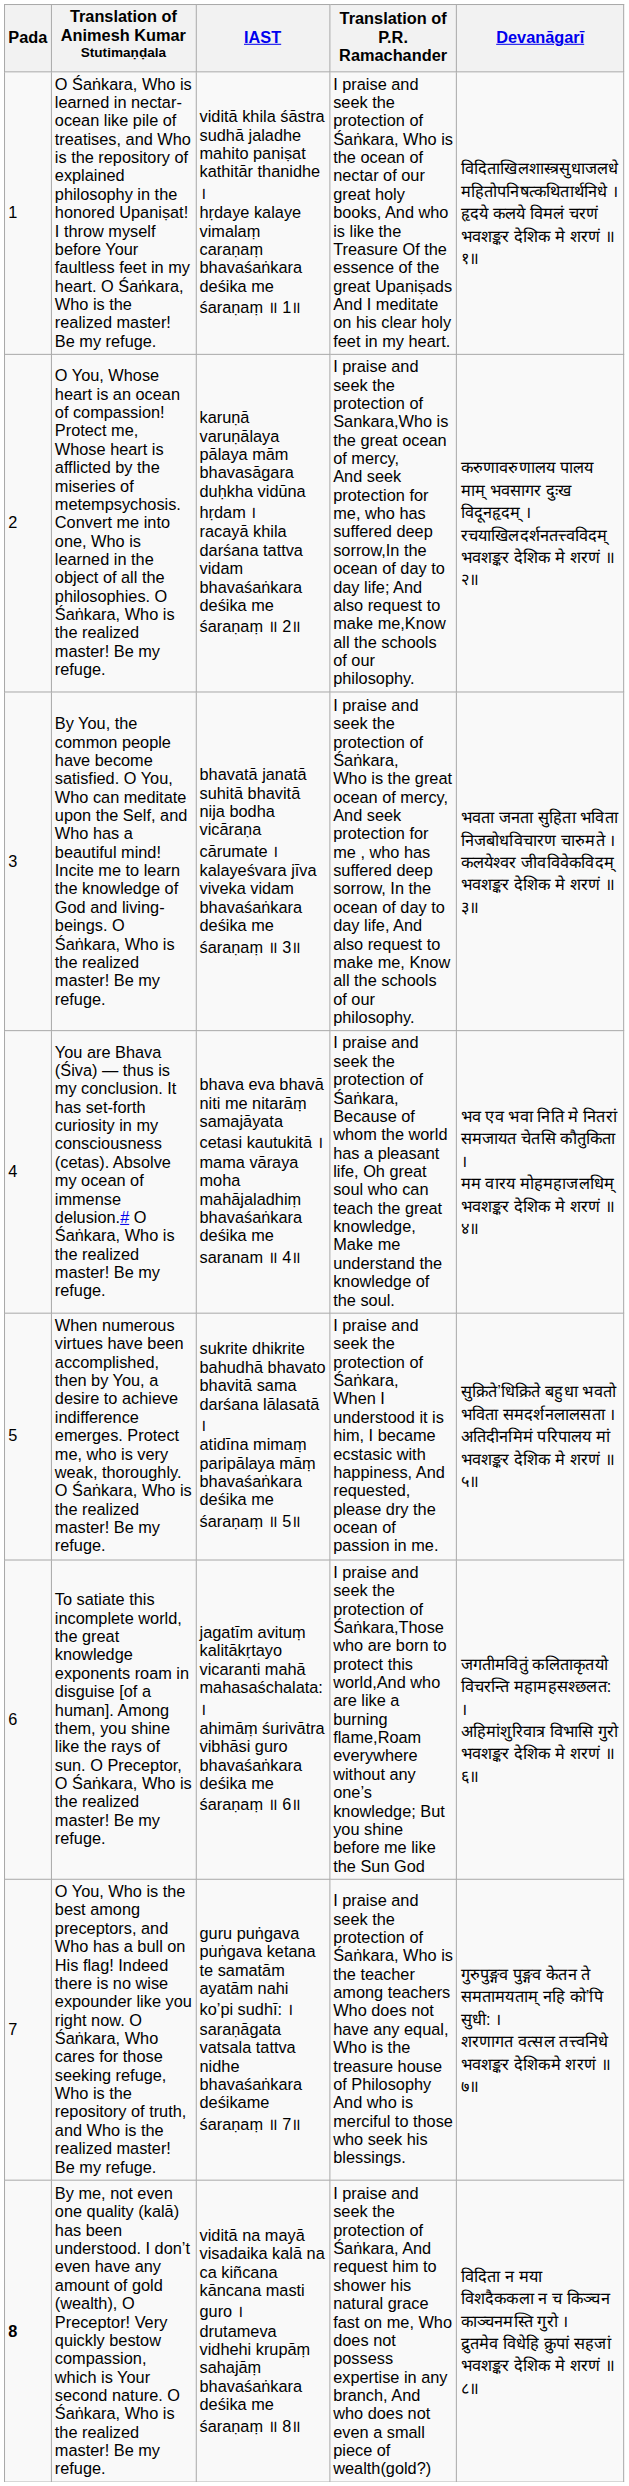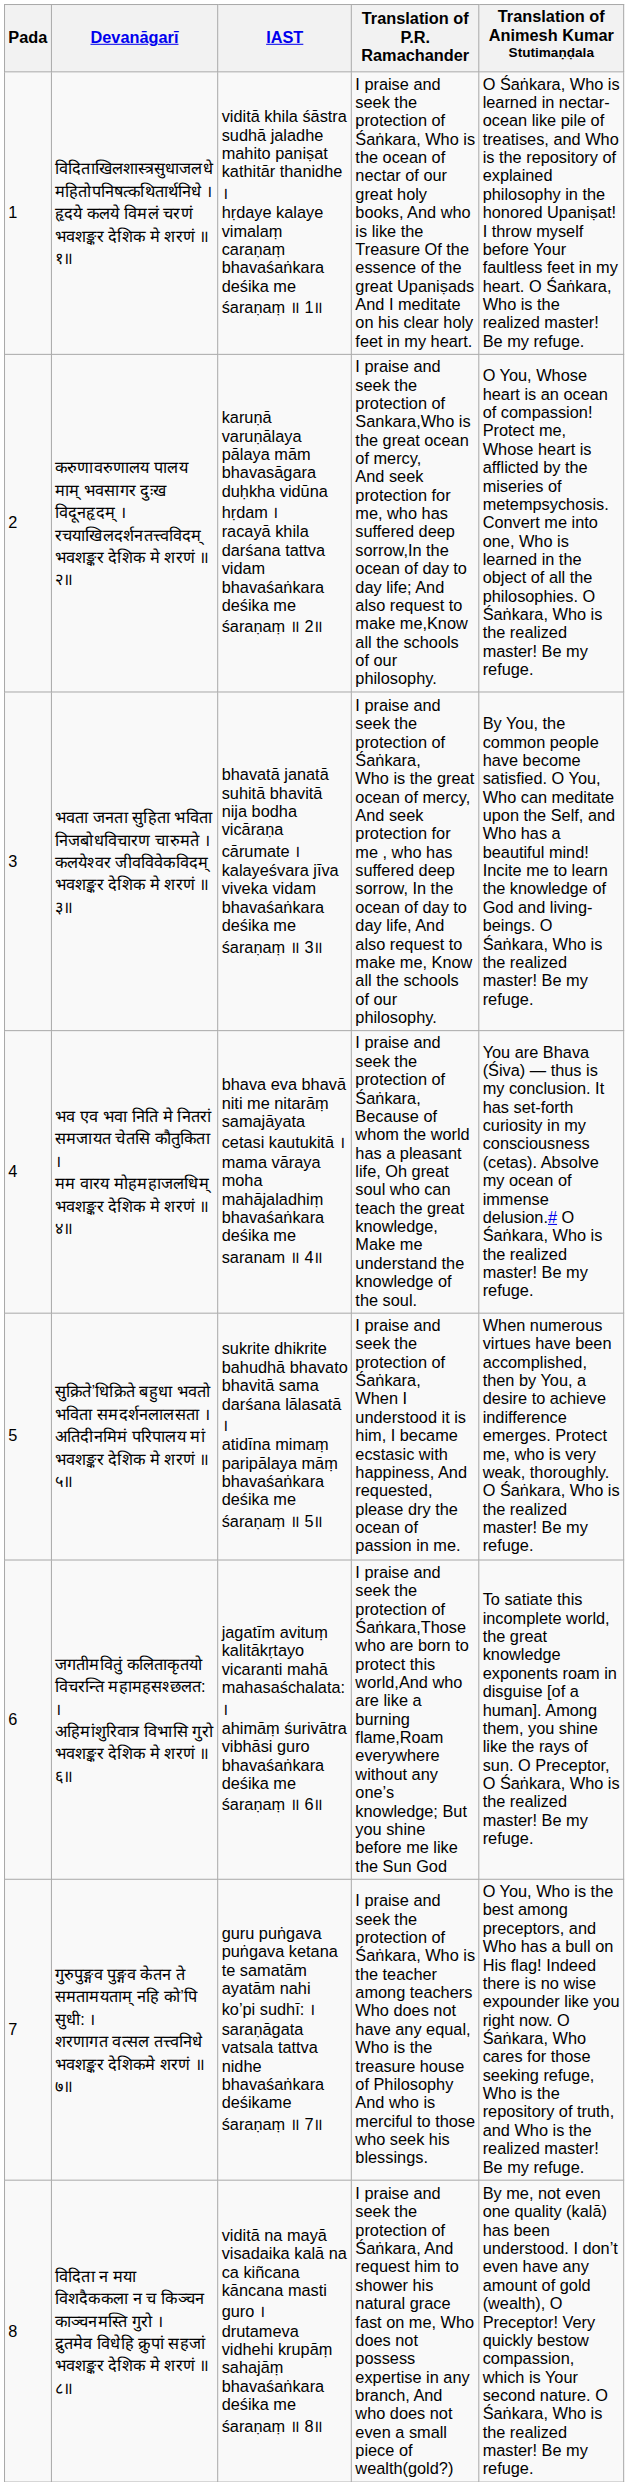 <table class="wikitable">
 <tr>
 <th>Pada</th>
-<th>Translation of Animesh Kumar <sup> Stutimaṇḍala</sup></th>
+<th><a href='#'>Devanāgarī</a></th>
 <th><a href='#'>IAST</a></th>
 <th>Translation of P.R. Ramachander</th>
-<th><a href='#'>Devanāgarī</a></th>
+<th>Translation of Animesh Kumar <sup> Stutimaṇḍala</sup></th>
 </tr>
 <tr>
 <td>1</td>
-<td>O Śaṅkara, Who is learned in nectar-ocean like pile of treatises, and Who is the repository of explained philosophy in the honored Upaniṣat! I throw myself before Your faultless feet in my heart. O Śaṅkara, Who is the realized master! Be my refuge.</td>
+<td>विदिताखिलशास्त्रसुधाजलधे महितोपनिषत्कथितार्थनिधे ।<br>हृदये कलये विमलं चरणं भवशङ्कर देशिक मे शरणं ॥ १॥</td>
 <td>viditā khila śāstra sudhā jaladhe mahito paniṣat kathitār thanidhe ।<br>hṛdaye kalaye vimalaṃ caraṇaṃ bhavaśaṅkara deśika me śaraṇaṃ ॥ 1॥</td>
 <td>I praise and seek the protection of Śaṅkara, Who is the ocean of nectar of our great holy books, And who is like the Treasure Of the essence of the great Upaniṣads<br>And I meditate on his clear holy feet in my heart.</td>
-<td>विदिताखिलशास्त्रसुधाजलधे महितोपनिषत्कथितार्थनिधे ।<br>हृदये कलये विमलं चरणं भवशङ्कर देशिक मे शरणं ॥ १॥</td>
+<td>O Śaṅkara, Who is learned in nectar-ocean like pile of treatises, and Who is the repository of explained philosophy in the honored Upaniṣat! I throw myself before Your faultless feet in my heart. O Śaṅkara, Who is the realized master! Be my refuge.</td>
 </tr>
 <tr>
 <td>2</td>
-<td>O You, Whose heart is an ocean of compassion! Protect me, Whose heart is afflicted by the miseries of metempsychosis. Convert me into one, Who is learned in the object of all the philosophies. O Śaṅkara, Who is the realized master! Be my refuge.</td>
+<td>करुणावरुणालय पालय माम् भवसागर दुःख विदूनहृदम् ।<br>रचयाखिलदर्शनतत्त्वविदम् भवशङ्कर देशिक मे शरणं ॥ २॥</td>
 <td>karuṇā varuṇālaya pālaya mām bhavasāgara duḥkha vidūna hṛdam ।<br>racayā khila darśana tattva vidam bhavaśaṅkara deśika me śaraṇaṃ ॥ 2॥</td>
 <td>I praise and seek the protection of Sankara,Who is the great ocean of mercy,<br>And seek protection for me, who has suffered deep sorrow,In the ocean of day to day life; And also request to make me,Know all the schools of our philosophy.</td>
-<td>करुणावरुणालय पालय माम् भवसागर दुःख विदूनहृदम् ।<br>रचयाखिलदर्शनतत्त्वविदम् भवशङ्कर देशिक मे शरणं ॥ २॥</td>
+<td>O You, Whose heart is an ocean of compassion! Protect me, Whose heart is afflicted by the miseries of metempsychosis. Convert me into one, Who is learned in the object of all the philosophies. O Śaṅkara, Who is the realized master! Be my refuge.</td>
 </tr>
 <tr>
 <td>3</td>
-<td>By You, the common people have become satisfied. O You, Who can meditate upon the Self, and Who has a beautiful mind! Incite me to learn the knowledge of God and living-beings. O Śaṅkara, Who is the realized master! Be my refuge.</td>
+<td>भवता जनता सुहिता भविता निजबोधविचारण चारुमते ।<br>कलयेश्वर जीवविवेकविदम् भवशङ्कर देशिक मे शरणं ॥ ३॥</td>
 <td>bhavatā janatā suhitā bhavitā nija bodha vicāraṇa cārumate ।<br>kalayeśvara jīva viveka vidam bhavaśaṅkara deśika me śaraṇaṃ ॥ 3॥</td>
 <td>I praise and seek the protection of Śaṅkara,<br>Who is the great ocean of mercy, And seek protection for me , who has suffered deep sorrow, In the ocean of day to day life, And also request to make me, Know all the schools of our philosophy.</td>
-<td>भवता जनता सुहिता भविता निजबोधविचारण चारुमते ।<br>कलयेश्वर जीवविवेकविदम् भवशङ्कर देशिक मे शरणं ॥ ३॥</td>
+<td>By You, the common people have become satisfied. O You, Who can meditate upon the Self, and Who has a beautiful mind! Incite me to learn the knowledge of God and living-beings. O Śaṅkara, Who is the realized master! Be my refuge.</td>
 </tr>
 <tr>
 <td>4</td>
-<td>You are Bhava (Śiva) — thus is my conclusion. It has set-forth curiosity in my consciousness (cetas). Absolve my ocean of immense delusion.<a href='#'>#</a> O Śaṅkara, Who is the realized master! Be my refuge.</td>
+<td>भव एव भवा निति मे नितरां समजायत चेतसि कौतुकिता ।<br>मम वारय मोहमहाजलधिम् भवशङ्कर देशिक मे शरणं ॥ ४॥</td>
 <td>bhava eva bhavā niti me nitarāṃ samajāyata cetasi kautukitā ।<br>mama vāraya moha mahājaladhiṃ bhavaśaṅkara deśika me saranam ॥ 4॥</td>
 <td>I praise and seek the protection of Śaṅkara,<br>Because of whom the world has a pleasant life, Oh great soul who can teach the great knowledge, Make me understand the knowledge of the soul.</td>
-<td>भव एव भवा निति मे नितरां समजायत चेतसि कौतुकिता ।<br>मम वारय मोहमहाजलधिम् भवशङ्कर देशिक मे शरणं ॥ ४॥</td>
+<td>You are Bhava (Śiva) — thus is my conclusion. It has set-forth curiosity in my consciousness (cetas). Absolve my ocean of immense delusion.<a href='#'>#</a> O Śaṅkara, Who is the realized master! Be my refuge.</td>
 </tr>
 <tr>
 <td>5</td>
-<td>When numerous virtues have been accomplished, then by You, a desire to achieve indifference emerges. Protect me, who is very weak, thoroughly. O Śaṅkara, Who is the realized master! Be my refuge.</td>
+<td>सुक्रिते’धिक्रिते बहुधा भवतो भविता समदर्शनलालसता ।<br>अतिदीनमिमं परिपालय मां भवशङ्कर देशिक मे शरणं ॥ ५॥</td>
 <td>sukrite dhikrite bahudhā bhavato bhavitā sama darśana lālasatā ।<br>atidīna mimaṃ paripālaya māṃ bhavaśaṅkara deśika me śaraṇaṃ ॥ 5॥</td>
 <td>I praise and seek the protection of Śaṅkara,<br>When I understood it is him, I became ecstasic with happiness, And requested, please dry the ocean of passion in me.</td>
-<td>सुक्रिते’धिक्रिते बहुधा भवतो भविता समदर्शनलालसता ।<br>अतिदीनमिमं परिपालय मां भवशङ्कर देशिक मे शरणं ॥ ५॥</td>
+<td>When numerous virtues have been accomplished, then by You, a desire to achieve indifference emerges. Protect me, who is very weak, thoroughly. O Śaṅkara, Who is the realized master! Be my refuge.</td>
 </tr>
 <tr>
 <td>6</td>
-<td>To satiate this incomplete world, the great knowledge exponents roam in disguise [of a human]. Among them, you shine like the rays of sun. O Preceptor, O Śaṅkara, Who is the realized master! Be my refuge.</td>
+<td>जगतीमवितुं कलिताकृतयो विचरन्ति महामहसश्छलत: ।<br>अहिमांशुरिवात्र विभासि गुरो भवशङ्कर देशिक मे शरणं ॥ ६॥</td>
 <td>jagatīm avituṃ kalitākṛtayo vicaranti mahā mahasaśchalata: ।<br>ahimāṃ śurivātra vibhāsi guro bhavaśaṅkara deśika me śaraṇaṃ ॥ 6॥</td>
 <td>I praise and seek the protection of Śaṅkara,Those who are born to protect this world,And who are like a burning flame,Roam everywhere without any one’s knowledge; But you shine before me like the Sun God</td>
-<td>जगतीमवितुं कलिताकृतयो विचरन्ति महामहसश्छलत: ।<br>अहिमांशुरिवात्र विभासि गुरो भवशङ्कर देशिक मे शरणं ॥ ६॥</td>
+<td>To satiate this incomplete world, the great knowledge exponents roam in disguise [of a human]. Among them, you shine like the rays of sun. O Preceptor, O Śaṅkara, Who is the realized master! Be my refuge.</td>
 </tr>
 <tr>
 <td>7</td>
-<td>O You, Who is the best among preceptors, and Who has a bull on His flag! Indeed there is no wise expounder like you right now. O Śaṅkara, Who cares for those seeking refuge, Who is the repository of truth, and Who is the realized master! Be my refuge.</td>
+<td>गुरुपुङ्गव पुङ्गव केतन ते समतामयताम् नहि को’पि सुधी: ।<br>शरणागत वत्सल तत्त्वनिधे भवशङ्कर देशिकमे शरणं ॥ ७॥</td>
 <td>guru puṅgava puṅgava ketana te samatām ayatām nahi ko’pi sudhī: ।<br>saraṇāgata vatsala tattva nidhe bhavaśaṅkara deśikame śaraṇaṃ ॥ 7॥</td>
 <td>I praise and seek the protection of Śaṅkara, Who is the teacher among teachers Who does not have any equal, Who is the treasure house of Philosophy And who is merciful to those who seek his blessings.</td>
-<td>गुरुपुङ्गव पुङ्गव केतन ते समतामयताम् नहि को’पि सुधी: ।<br>शरणागत वत्सल तत्त्वनिधे भवशङ्कर देशिकमे शरणं ॥ ७॥</td>
+<td>O You, Who is the best among preceptors, and Who has a bull on His flag! Indeed there is no wise expounder like you right now. O Śaṅkara, Who cares for those seeking refuge, Who is the repository of truth, and Who is the realized master! Be my refuge.</td>
 </tr>
 <tr>
-<td><strong>8</strong></td>
-<td>By me, not even one quality (kalā) has been understood. I don’t even have any amount of gold (wealth), O Preceptor! Very quickly bestow compassion, which is Your second nature. O Śaṅkara, Who is the realized master! Be my refuge.</td>
+<td>8</td>
+<td>विदिता न मया विशदैककला न च किञ्चन काञ्चनमस्ति गुरो ।<br>द्रुतमेव विधेहि क्रुपां सहजां भवशङ्कर देशिक मे शरणं ॥ ८॥</td>
 <td>viditā na mayā visadaika kalā na ca kiñcana kāncana masti guro ।<br>drutameva vidhehi krupāṃ sahajāṃ bhavaśaṅkara deśika me śaraṇaṃ ॥ 8॥</td>
 <td>I praise and seek the protection of Śaṅkara, And request him to shower his natural grace fast on me, Who does not possess expertise in any branch, And who does not even a small piece of wealth(gold?)</td>
-<td>विदिता न मया विशदैककला न च किञ्चन काञ्चनमस्ति गुरो ।<br>द्रुतमेव विधेहि क्रुपां सहजां भवशङ्कर देशिक मे शरणं ॥ ८॥</td>
+<td>By me, not even one quality (kalā) has been understood. I don’t even have any amount of gold (wealth), O Preceptor! Very quickly bestow compassion, which is Your second nature. O Śaṅkara, Who is the realized master! Be my refuge.</td>
 </tr>
 </table>
